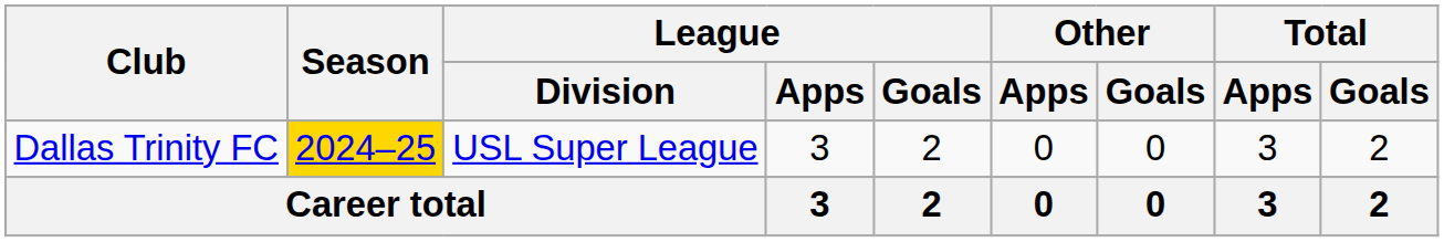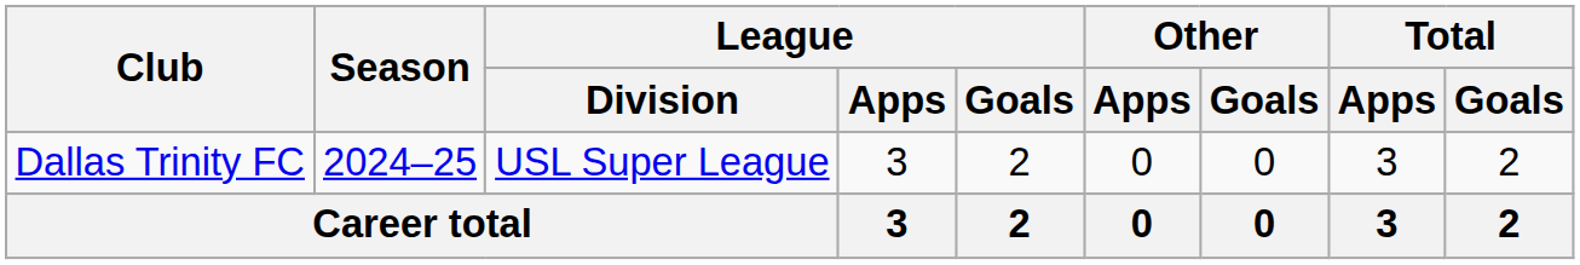 <table class="wikitable" style="text-align:center">
 <tr>
 <th rowspan="2">Club</th>
 <th rowspan="2">Season</th>
 <th colspan="3">League</th>
 <th colspan="2">Other</th>
 <th colspan="2">Total</th>
 </tr>
 <tr>
 <th>Division</th>
 <th>Apps</th>
 <th>Goals</th>
 <th>Apps</th>
 <th>Goals</th>
 <th>Apps</th>
 <th>Goals</th>
 </tr>
 <tr>
 <td><a href='#'>Dallas Trinity FC</a></td>
-<td style="background: gold;"><a href='#'>2024–25</a></td>
+<td><a href='#'>2024–25</a></td>
 <td><a href='#'>USL Super League</a></td>
 <td>3</td>
 <td>2</td>
 <td>0</td>
 <td>0</td>
 <td>3</td>
 <td>2</td>
 </tr>
 <tr>
 <th colspan="3">Career total</th>
 <th>3</th>
 <th>2</th>
 <th>0</th>
 <th>0</th>
 <th>3</th>
 <th>2</th>
 </tr>
 </table>
